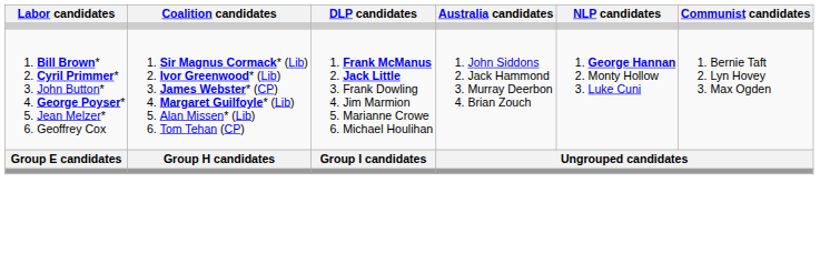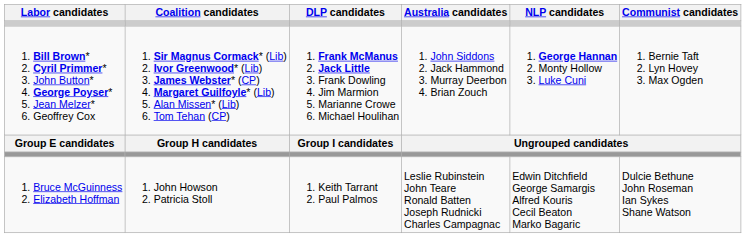 <table class="wikitable">
 <tr>
 <th><a href='#'>Labor</a> candidates</th>
 <th><a href='#'>Coalition</a> candidates</th>
 <th><a href='#'>DLP</a> candidates</th>
 <th><a href='#'>Australia</a> candidates</th>
 <th><a href='#'>NLP</a> candidates</th>
 <th><a href='#'>Communist</a> candidates</th>
 </tr>
 <tr bgcolor="#cccccc">
 <td></td>
 <td></td>
 <td></td>
 <td></td>
 <td></td>
 <td></td>
 </tr>
 <tr>
 <td><br><ol><li><strong><a href='#'>Bill Brown</a></strong>*</li><li><strong><a href='#'>Cyril Primmer</a></strong>*</li><li><a href='#'>John Button</a>*</li><li><strong><a href='#'>George Poyser</a></strong>*</li><li><a href='#'>Jean Melzer</a>*</li><li>Geoffrey Cox</li></ol></td>
 <td><br><ol><li><strong><a href='#'>Sir Magnus Cormack</a></strong>* (<a href='#'>Lib</a>)</li><li><strong><a href='#'>Ivor Greenwood</a></strong>* (<a href='#'>Lib</a>)</li><li><strong><a href='#'>James Webster</a></strong>* (<a href='#'>CP</a>)</li><li><strong><a href='#'>Margaret Guilfoyle</a></strong>* (<a href='#'>Lib</a>)</li><li><a href='#'>Alan Missen</a>* (<a href='#'>Lib</a>)</li><li><a href='#'>Tom Tehan</a> (<a href='#'>CP</a>)</li></ol></td>
 <td valign=top><br><ol><li><strong><a href='#'>Frank McManus</a></strong></li><li><strong><a href='#'>Jack Little</a></strong></li><li>Frank Dowling</li><li>Jim Marmion</li><li>Marianne Crowe</li><li>Michael Houlihan</li></ol></td>
 <td valign=top><br><ol><li><a href='#'>John Siddons</a></li><li>Jack Hammond</li><li>Murray Deerbon</li><li>Brian Zouch</li></ol></td>
 <td valign=top><br><ol><li><strong><a href='#'>George Hannan</a></strong></li><li>Monty Hollow</li><li><a href='#'>Luke Cuni</a></li></ol></td>
 <td valign=top><br><ol><li>Bernie Taft</li><li>Lyn Hovey</li><li>Max Ogden</li></ol></td>
 </tr>
 <tr bgcolor="#cccccc">
 <th>Group E candidates</th>
 <th>Group H candidates</th>
 <th>Group I candidates</th>
 <th colspan="3">Ungrouped candidates</th>
 </tr>
 <tr bgcolor="#cccccc">
 <td bgcolor="#999999"></td>
 <td bgcolor="#999999"></td>
 <td bgcolor="#999999"></td>
 <td colspan="3" bgcolor="#999999"></td>
 </tr>
+<tr>
+<td valign=top><br><ol><li><a href='#'>Bruce McGuinness</a></li><li><a href='#'>Elizabeth Hoffman</a></li></ol></td>
+<td valign=top><br><ol><li>John Howson</li><li>Patricia Stoll</li></ol></td>
+<td valign=top><br><ol><li>Keith Tarrant</li><li>Paul Palmos</li></ol></td>
+<td valign=top><br>Leslie Rubinstein<br> John Teare<br> Ronald Batten<br> Joseph Rudnicki<br> Charles Campagnac</td>
+<td valign=top><br>Edwin Ditchfield<br> George Samargis<br> Alfred Kouris<br> Cecil Beaton<br> Marko Bagaric</td>
+<td valign=top><br>Dulcie Bethune<br> John Roseman<br> Ian Sykes<br> Shane Watson</td>
+</tr>
 </table>
